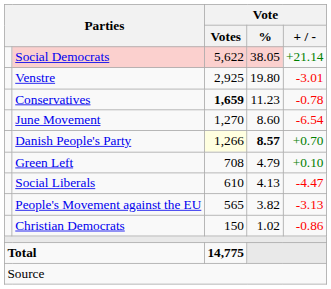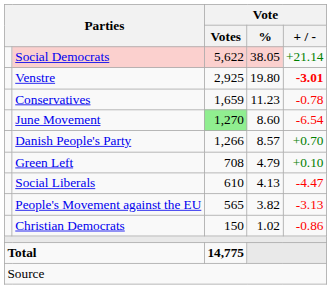 <table class="wikitable" style="text-align:right;">
 <tr>
 <th style="text-align:centre;" rowspan="2" colspan="2" width="225">Parties</th>
 <th colspan="3">Vote</th>
 </tr>
 <tr>
 <th width="15">Votes</th>
 <th width="15">%</th>
 <th width="15">+ / -</th>
 </tr>
 <tr>
 <td width="2" style="color:inherit;background:"></td>
 <td bgcolor=#fbd0ce   align="left"><a href='#'>Social Democrats</a></td>
 <td bgcolor=#fbd0ce>5,622</td>
 <td bgcolor=#fbd0ce>38.05</td>
 <td style=color:green;>+21.14</td>
 </tr>
 <tr>
 <td width="2" style="color:inherit;background:"></td>
 <td align="left"><a href='#'>Venstre</a></td>
 <td>2,925</td>
 <td>19.80</td>
-<td style=color:red;>-3.01</td>
+<td style=color:red;><strong>-3.01</strong></td>
 </tr>
 <tr>
 <td width="2" style="color:inherit;background:"></td>
 <td align="left"><a href='#'>Conservatives</a></td>
-<td><strong>1,659</strong></td>
+<td>1,659</td>
 <td>11.23</td>
 <td style=color:red;>-0.78</td>
 </tr>
 <tr>
 <td width="2" style="color:inherit;background:"></td>
 <td align="left"><a href='#'>June Movement</a></td>
-<td>1,270</td>
+<td style="background: lightgreen;">1,270</td>
 <td>8.60</td>
 <td style=color:red;>-6.54</td>
 </tr>
 <tr>
 <td width="2" style="color:inherit;background:"></td>
 <td align="left"><a href='#'>Danish People's Party</a></td>
-<td style="background: lightyellow;">1,266</td>
-<td><strong>8.57</strong></td>
+<td>1,266</td>
+<td>8.57</td>
 <td style=color:green;>+0.70</td>
 </tr>
 <tr>
 <td width="2" style="color:inherit;background:"></td>
 <td align="left"><a href='#'>Green Left</a></td>
 <td>708</td>
 <td>4.79</td>
 <td style=color:green;>+0.10</td>
 </tr>
 <tr>
 <td width="2" style="color:inherit;background:"></td>
 <td align="left"><a href='#'>Social Liberals</a></td>
 <td>610</td>
 <td>4.13</td>
 <td style=color:red;>-4.47</td>
 </tr>
 <tr>
 <td width="2" style="color:inherit;background:"></td>
 <td align="left"><a href='#'>People's Movement against the EU</a></td>
 <td>565</td>
 <td>3.82</td>
 <td style=color:red;>-3.13</td>
 </tr>
 <tr>
 <td width="2" style="color:inherit;background:"></td>
 <td align="left"><a href='#'>Christian Democrats</a></td>
 <td>150</td>
 <td>1.02</td>
 <td style=color:red;>-0.86</td>
 </tr>
 <tr>
 <td colspan="7" bgcolor="#E9E9E9"></td>
 </tr>
 <tr>
 <td align="left" colspan="2"><strong>Total</strong></td>
 <td><strong>14,775</strong></td>
 <td bgcolor="#E9E9E9" colspan="2"></td>
 </tr>
 <tr>
 <td align="left" colspan="6">Source</td>
 </tr>
 </table>
